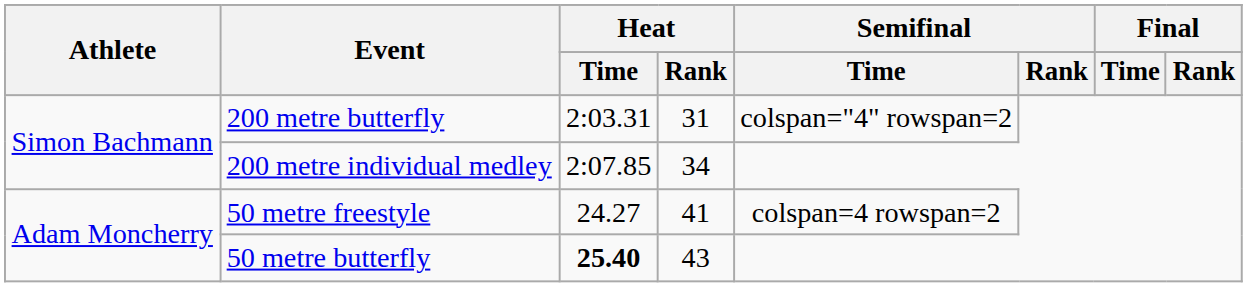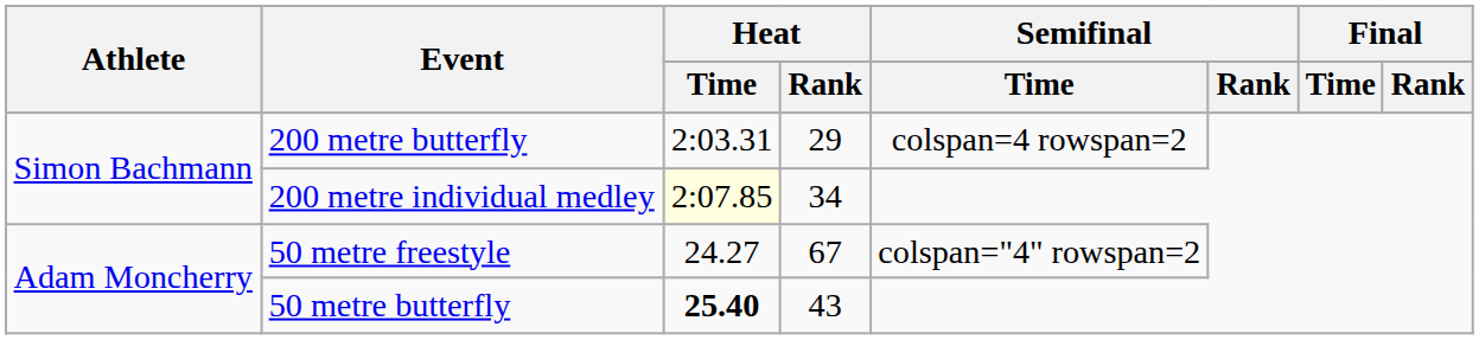 <table class="wikitable" style="text-align:center; font-size:90%; width:50%;">
 <tr>
 <th rowspan="2">Athlete</th>
 <th rowspan="2">Event</th>
 <th colspan="2">Heat</th>
 <th colspan="2">Semifinal</th>
 <th colspan="2">Final</th>
 </tr>
 <tr style="font-size:95%">
 <th>Time</th>
 <th>Rank</th>
 <th>Time</th>
 <th>Rank</th>
 <th>Time</th>
 <th>Rank</th>
 </tr>
 <tr align=center>
 <td align=left rowspan=2><a href='#'>Simon Bachmann</a></td>
 <td align=left><a href='#'>200 metre butterfly</a></td>
 <td>2:03.31</td>
-<td>31</td>
-<td>colspan="4" rowspan=2 </td>
+<td>29</td>
+<td>colspan=4 rowspan=2 </td>
 </tr>
 <tr align=center>
 <td align=left><a href='#'>200 metre individual medley</a></td>
-<td>2:07.85</td>
+<td style="background: lightyellow;">2:07.85</td>
 <td>34</td>
 </tr>
 <tr align=center>
 <td align=left rowspan=2><a href='#'>Adam Moncherry</a></td>
 <td align=left><a href='#'>50 metre freestyle</a></td>
 <td>24.27</td>
-<td>41</td>
-<td>colspan=4 rowspan=2 </td>
+<td>67</td>
+<td>colspan="4" rowspan=2 </td>
 </tr>
 <tr align=center>
 <td align=left><a href='#'>50 metre butterfly</a></td>
 <td><strong>25.40</strong></td>
 <td>43</td>
 </tr>
 </table>
